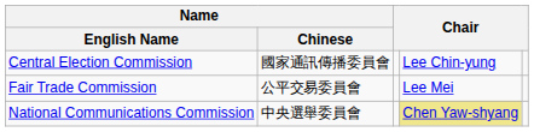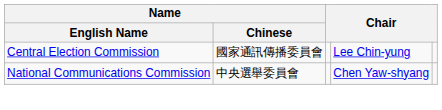 <table class="wikitable sortable">
 <tr>
 <th colspan="2">Name</th>
 <th colspan="3" rowspan="2">Chair</th>
 </tr>
 <tr>
 <th>English Name</th>
 <th>Chinese</th>
 </tr>
 <tr>
 <td><a href='#'>Central Election Commission</a></td>
 <td>國家通訊傳播委員會</td>
 <td style="background:"></td>
 <td><a href='#'>Lee Chin-yung</a></td>
 <td></td>
 </tr>
 <tr>
-<td><a href='#'>Fair Trade Commission</a></td>
-<td>公平交易委員會</td>
-<td style="background:"></td>
-<td><a href='#'>Lee Mei</a></td>
-<td></td>
-</tr>
-<tr>
 <td><a href='#'>National Communications Commission</a></td>
 <td>中央選舉委員會</td>
 <td style="background:"></td>
-<td style="background: khaki;"><a href='#'>Chen Yaw-shyang</a></td>
+<td><a href='#'>Chen Yaw-shyang</a></td>
 <td></td>
 </tr>
 </table>
